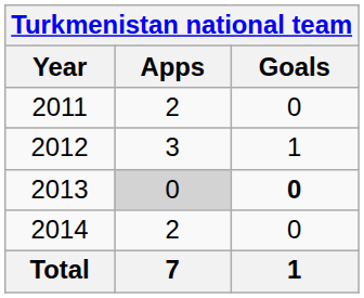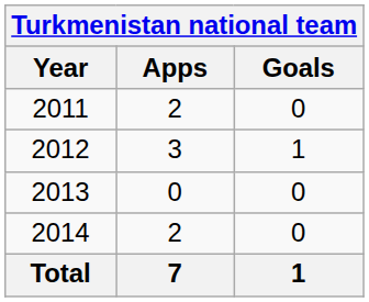 <table class="wikitable" style="text-align:center">
 <tr>
 <th colspan=3><a href='#'>Turkmenistan national team</a></th>
 </tr>
 <tr>
 <th>Year</th>
 <th>Apps</th>
 <th>Goals</th>
 </tr>
 <tr>
 <td>2011</td>
 <td>2</td>
 <td>0</td>
 </tr>
 <tr>
 <td>2012</td>
 <td>3</td>
 <td>1</td>
 </tr>
 <tr>
 <td>2013</td>
-<td style="background: lightgrey;">0</td>
-<td><strong>0</strong></td>
+<td>0</td>
+<td>0</td>
 </tr>
 <tr>
 <td>2014</td>
 <td>2</td>
 <td>0</td>
 </tr>
 <tr>
 <th>Total</th>
 <th>7</th>
 <th>1</th>
 </tr>
 </table>
